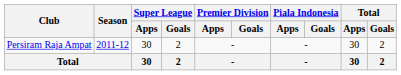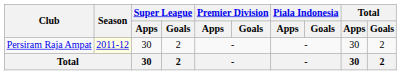 <table class="wikitable" style="font-size:90%; text-align:center;">
 <tr>
 <th rowspan="2">Club</th>
 <th rowspan="2">Season</th>
 <th colspan="2"><a href='#'>Super League</a></th>
 <th colspan="2"><a href='#'>Premier Division</a></th>
 <th colspan="2"><a href='#'>Piala Indonesia</a></th>
 <th colspan="2">Total</th>
 </tr>
 <tr>
 <th>Apps</th>
 <th>Goals</th>
 <th>Apps</th>
 <th>Goals</th>
 <th>Apps</th>
 <th>Goals</th>
 <th>Apps</th>
 <th>Goals</th>
 </tr>
 <tr>
 <td rowspan="1"><a href='#'>Persiram Raja Ampat</a></td>
-<td><a href='#'>2011-12</a></td>
+<td style="background: lightyellow;"><a href='#'>2011-12</a></td>
 <td>30</td>
 <td>2</td>
 <td colspan="2">-</td>
 <td colspan="2">-</td>
 <td>30</td>
 <td>2</td>
 </tr>
 <tr>
 <th colspan="2">Total</th>
 <th>30</th>
 <th>2</th>
 <th colspan="2">-</th>
 <th colspan="2">-</th>
 <th>30</th>
 <th>2</th>
 </tr>
 </table>
